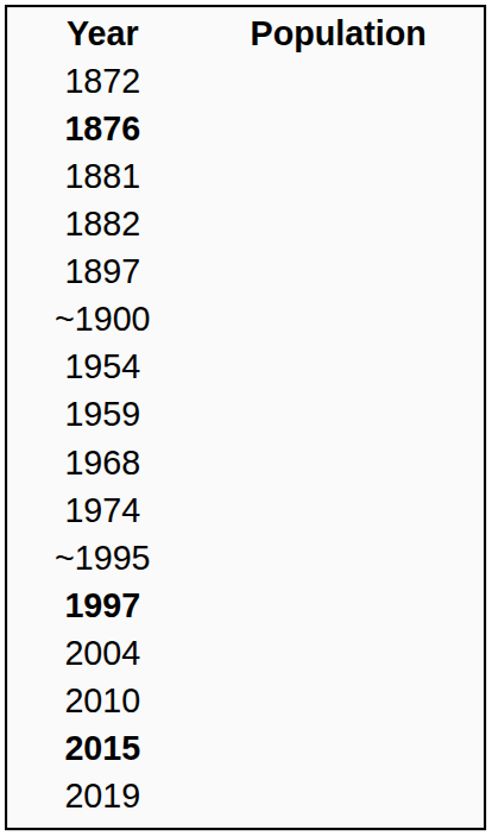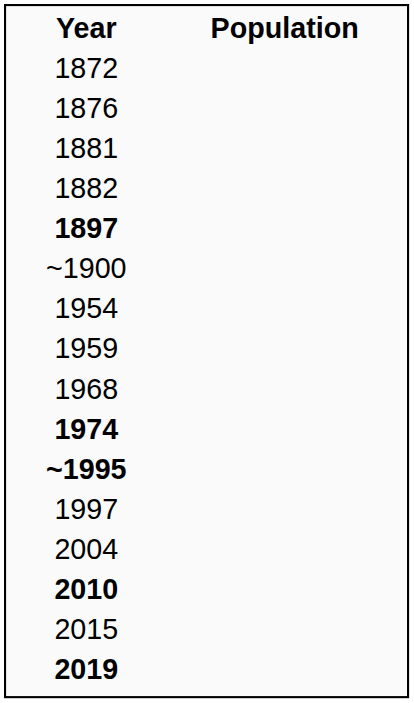 <table class="floatright" style="text-align:center; font-size:85%; border:1px solid black; background:#fafafa">
 <tr>
 <th scope="col" style="width:70px;">Year</th>
 <th scope="col" colspan=2 style="width:110px;">Population</th>
 </tr>
 <tr>
 <td>1872</td>
 <td></td>
 </tr>
 <tr>
-<td><strong>1876</strong></td>
+<td>1876</td>
 <td></td>
 </tr>
 <tr>
 <td>1881</td>
 <td></td>
 </tr>
 <tr>
 <td>1882</td>
 <td></td>
 </tr>
 <tr>
-<td>1897</td>
+<td><strong>1897</strong></td>
 <td></td>
 </tr>
 <tr>
 <td>~1900</td>
 <td></td>
 </tr>
 <tr>
 <td>1954</td>
 <td></td>
 </tr>
 <tr>
 <td>1959</td>
 <td></td>
 </tr>
 <tr>
 <td>1968</td>
 <td></td>
 </tr>
 <tr>
-<td>1974</td>
+<td><strong>1974</strong></td>
 <td></td>
 </tr>
 <tr>
-<td>~1995</td>
+<td><strong>~1995</strong></td>
 <td></td>
 </tr>
 <tr>
-<td><strong>1997</strong></td>
+<td>1997</td>
 <td></td>
 </tr>
 <tr>
 <td>2004</td>
 <td></td>
 </tr>
 <tr>
-<td>2010</td>
+<td><strong>2010</strong></td>
 <td></td>
 </tr>
 <tr>
-<td><strong>2015</strong></td>
+<td>2015</td>
 <td></td>
 </tr>
 <tr>
-<td>2019</td>
+<td><strong>2019</strong></td>
 <td></td>
 </tr>
 <tr>
 </tr>
 </table>
